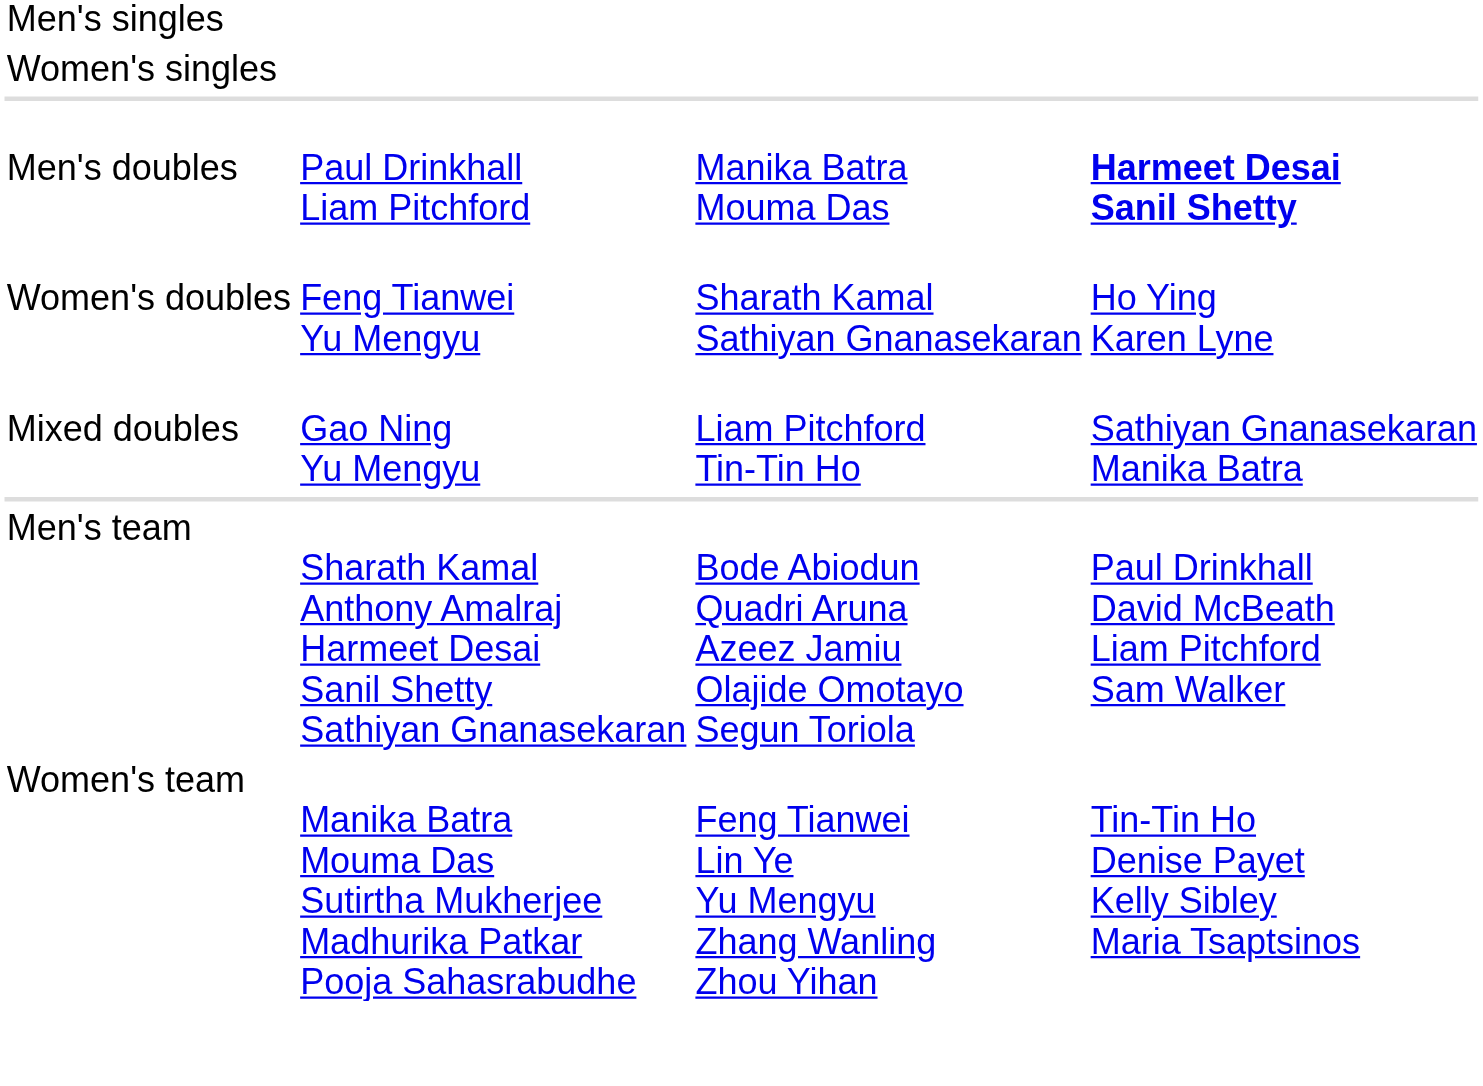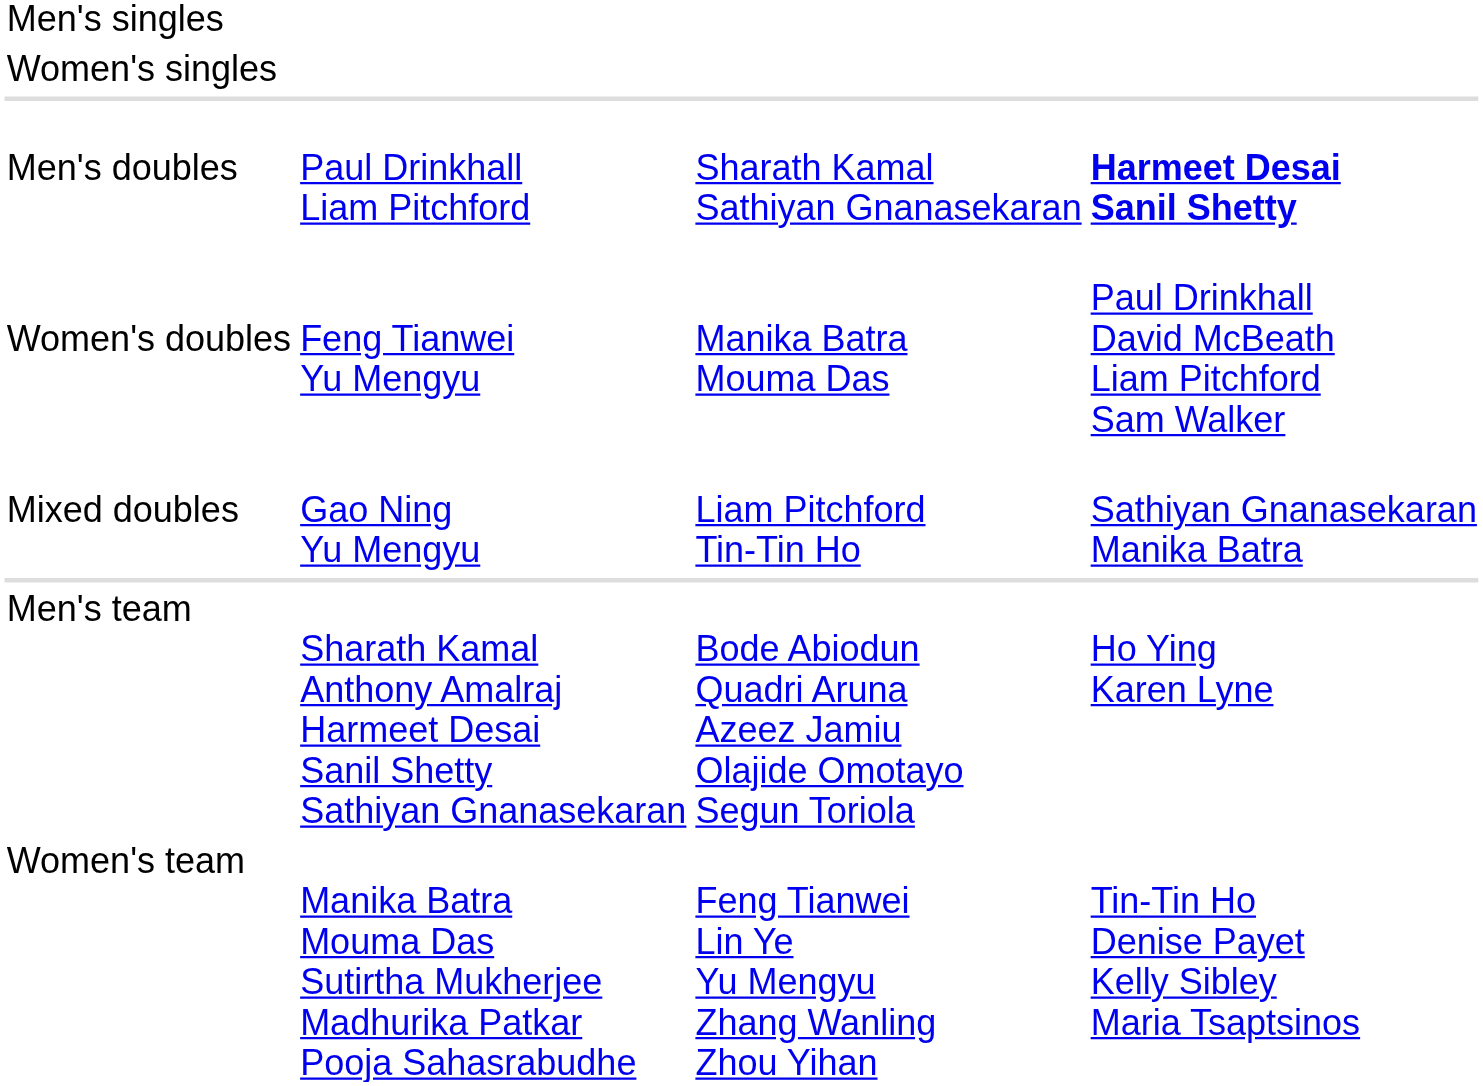 <table>
 <tr>
 <td>Men's singles<br></td>
 <td></td>
 <td></td>
 <td></td>
 </tr>
 <tr>
 <td>Women's singles<br></td>
 <td></td>
 <td></td>
 <td></td>
 </tr>
 <tr bgcolor=#DDDDDD>
 <td colspan=7></td>
 </tr>
 <tr>
 <td>Men's doubles<br></td>
 <td><br><a href='#'>Paul Drinkhall</a><br><a href='#'>Liam Pitchford</a></td>
-<td><br><a href='#'>Manika Batra</a><br><a href='#'>Mouma Das</a></td>
+<td><br><a href='#'>Sharath Kamal</a><br><a href='#'>Sathiyan Gnanasekaran</a></td>
 <td><strong><br><a href='#'>Harmeet Desai</a><br><a href='#'>Sanil Shetty</a></strong></td>
 </tr>
 <tr>
 <td>Women's doubles<br></td>
 <td><br><a href='#'>Feng Tianwei</a><br><a href='#'>Yu Mengyu</a></td>
-<td><br><a href='#'>Sharath Kamal</a><br><a href='#'>Sathiyan Gnanasekaran</a></td>
-<td><br><a href='#'>Ho Ying</a><br><a href='#'>Karen Lyne</a></td>
+<td><br><a href='#'>Manika Batra</a><br><a href='#'>Mouma Das</a></td>
+<td align="left"><br><a href='#'>Paul Drinkhall</a><br><a href='#'>David McBeath</a><br><a href='#'>Liam Pitchford</a><br><a href='#'>Sam Walker</a></td>
 </tr>
 <tr>
 <td>Mixed doubles<br></td>
 <td><br><a href='#'>Gao Ning</a><br><a href='#'>Yu Mengyu</a></td>
 <td><br><a href='#'>Liam Pitchford</a><br><a href='#'>Tin-Tin Ho</a></td>
 <td><br><a href='#'>Sathiyan Gnanasekaran</a><br><a href='#'>Manika Batra</a></td>
 </tr>
 <tr bgcolor=#DDDDDD>
 <td colspan=7></td>
 </tr>
 <tr valign=top>
 <td>Men's team<br></td>
 <td align="left"><br><a href='#'>Sharath Kamal</a><br><a href='#'>Anthony Amalraj</a><br><a href='#'>Harmeet Desai</a><br><a href='#'>Sanil Shetty</a><br><a href='#'>Sathiyan Gnanasekaran</a></td>
 <td align="left"><br><a href='#'>Bode Abiodun</a><br><a href='#'>Quadri Aruna</a><br><a href='#'>Azeez Jamiu</a><br><a href='#'>Olajide Omotayo</a><br><a href='#'>Segun Toriola</a></td>
-<td align="left"><br><a href='#'>Paul Drinkhall</a><br><a href='#'>David McBeath</a><br><a href='#'>Liam Pitchford</a><br><a href='#'>Sam Walker</a></td>
+<td><br><a href='#'>Ho Ying</a><br><a href='#'>Karen Lyne</a></td>
 </tr>
 <tr valign=top>
 <td>Women's team<br></td>
 <td align="left"><br><a href='#'>Manika Batra</a><br><a href='#'>Mouma Das</a><br><a href='#'>Sutirtha Mukherjee</a><br><a href='#'>Madhurika Patkar</a><br><a href='#'>Pooja Sahasrabudhe</a></td>
 <td align="left"><br><a href='#'>Feng Tianwei</a><br><a href='#'>Lin Ye</a><br><a href='#'>Yu Mengyu</a><br><a href='#'>Zhang Wanling</a><br><a href='#'>Zhou Yihan</a></td>
 <td align="left"><br><a href='#'>Tin-Tin Ho</a><br><a href='#'>Denise Payet</a><br><a href='#'>Kelly Sibley</a><br><a href='#'>Maria Tsaptsinos</a></td>
 </tr>
 </table>
